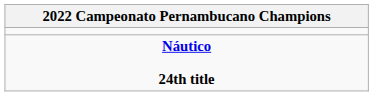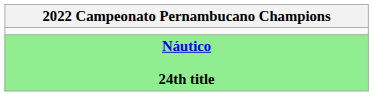 <table class="wikitable" style="text-align: center; margin: 0 auto; width: 20%">
 <tr>
 <th>2022 Campeonato Pernambucano Champions</th>
 </tr>
 <tr>
 <td></td>
 </tr>
 <tr>
-<td><strong><a href='#'>Náutico</a></strong><br><br><strong>24th title</strong></td>
+<td style="background: lightgreen;"><strong><a href='#'>Náutico</a></strong><br><br><strong>24th title</strong></td>
 </tr>
 </table>
